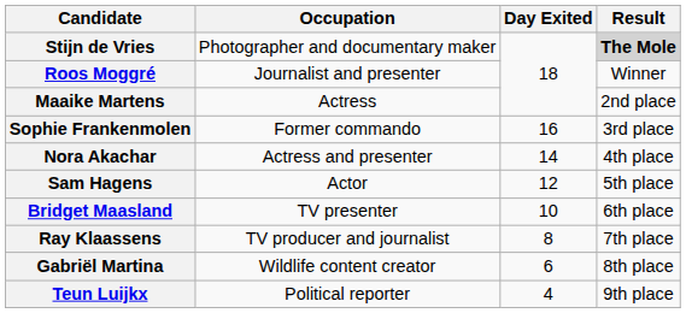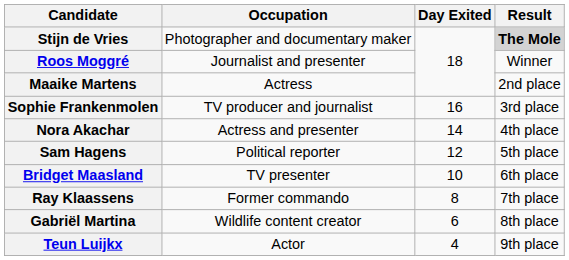 <table class="wikitable sortable" style="text-align:center;">
 <tr>
 <th>Candidate</th>
 <th>Occupation</th>
 <th>Day Exited</th>
 <th>Result</th>
 </tr>
 <tr>
 <th>Stijn de Vries</th>
 <td>Photographer and documentary maker</td>
 <td rowspan="3" style="text-align:center">18</td>
 <td style=background:lightgray;><strong>The Mole</strong></td>
 </tr>
 <tr>
 <th><a href='#'>Roos Moggré</a></th>
 <td>Journalist and presenter</td>
 <td>Winner</td>
 </tr>
 <tr>
 <th>Maaike Martens</th>
 <td>Actress</td>
 <td>2nd place</td>
 </tr>
 <tr>
 <th>Sophie Frankenmolen</th>
-<td>Former commando</td>
+<td>TV producer and journalist</td>
 <td>16</td>
 <td>3rd place</td>
 </tr>
 <tr>
 <th>Nora Akachar</th>
 <td>Actress and presenter</td>
 <td>14</td>
 <td>4th place</td>
 </tr>
 <tr>
 <th>Sam Hagens</th>
-<td>Actor</td>
+<td>Political reporter</td>
 <td>12</td>
 <td>5th place</td>
 </tr>
 <tr>
 <th><a href='#'>Bridget Maasland</a></th>
 <td>TV presenter</td>
 <td>10</td>
 <td>6th place</td>
 </tr>
 <tr>
 <th>Ray Klaassens</th>
-<td>TV producer and journalist</td>
+<td>Former commando</td>
 <td>8</td>
 <td>7th place</td>
 </tr>
 <tr>
 <th>Gabriël Martina</th>
 <td>Wildlife content creator</td>
 <td>6</td>
 <td>8th place</td>
 </tr>
 <tr>
 <th><a href='#'>Teun Luijkx</a></th>
-<td>Political reporter</td>
+<td>Actor</td>
 <td>4</td>
 <td>9th place</td>
 </tr>
 </table>
